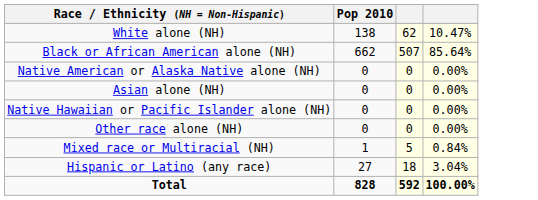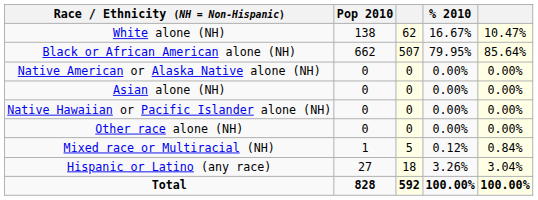 <table class="wikitable" style="text-align:center;">
 <tr>
 <th>Race / Ethnicity <small>(<em>NH = Non-Hispanic</em>)</small></th>
 <th>Pop 2010</th>
 <th></th>
+<th>% 2010</th>
 <th></th>
 </tr>
 <tr>
 <td><a href='#'>White</a> alone (NH)</td>
 <td>138</td>
 <td style='background: #ffffe6;'>62</td>
+<td>16.67%</td>
 <td style='background: #ffffe6;'>10.47%</td>
 </tr>
 <tr>
 <td><a href='#'>Black or African American</a> alone (NH)</td>
 <td>662</td>
 <td style='background: #ffffe6;'>507</td>
+<td>79.95%</td>
 <td style='background: #ffffe6;'>85.64%</td>
 </tr>
 <tr>
 <td><a href='#'>Native American</a> or <a href='#'>Alaska Native</a> alone (NH)</td>
 <td>0</td>
 <td style='background: #ffffe6;'>0</td>
+<td>0.00%</td>
 <td style='background: #ffffe6;'>0.00%</td>
 </tr>
 <tr>
 <td><a href='#'>Asian</a> alone (NH)</td>
 <td>0</td>
 <td style='background: #ffffe6;'>0</td>
+<td>0.00%</td>
 <td style='background: #ffffe6;'>0.00%</td>
 </tr>
 <tr>
 <td><a href='#'>Native Hawaiian</a> or <a href='#'>Pacific Islander</a> alone (NH)</td>
 <td>0</td>
 <td style='background: #ffffe6;'>0</td>
+<td>0.00%</td>
 <td style='background: #ffffe6;'>0.00%</td>
 </tr>
 <tr>
 <td><a href='#'>Other race</a> alone (NH)</td>
 <td>0</td>
 <td style='background: #ffffe6;'>0</td>
+<td>0.00%</td>
 <td style='background: #ffffe6;'>0.00%</td>
 </tr>
 <tr>
 <td><a href='#'>Mixed race or Multiracial</a> (NH)</td>
 <td>1</td>
 <td style='background: #ffffe6;'>5</td>
+<td>0.12%</td>
 <td style='background: #ffffe6;'>0.84%</td>
 </tr>
 <tr>
 <td><a href='#'>Hispanic or Latino</a> (any race)</td>
 <td>27</td>
 <td style='background: #ffffe6;'>18</td>
+<td>3.26%</td>
 <td style='background: #ffffe6;'>3.04%</td>
 </tr>
 <tr>
 <td><strong>Total</strong></td>
 <td><strong>828</strong></td>
 <td style='background: #ffffe6;'><strong>592</strong></td>
+<td><strong>100.00%</strong></td>
 <td style='background: #ffffe6;'><strong>100.00%</strong></td>
 </tr>
 </table>
